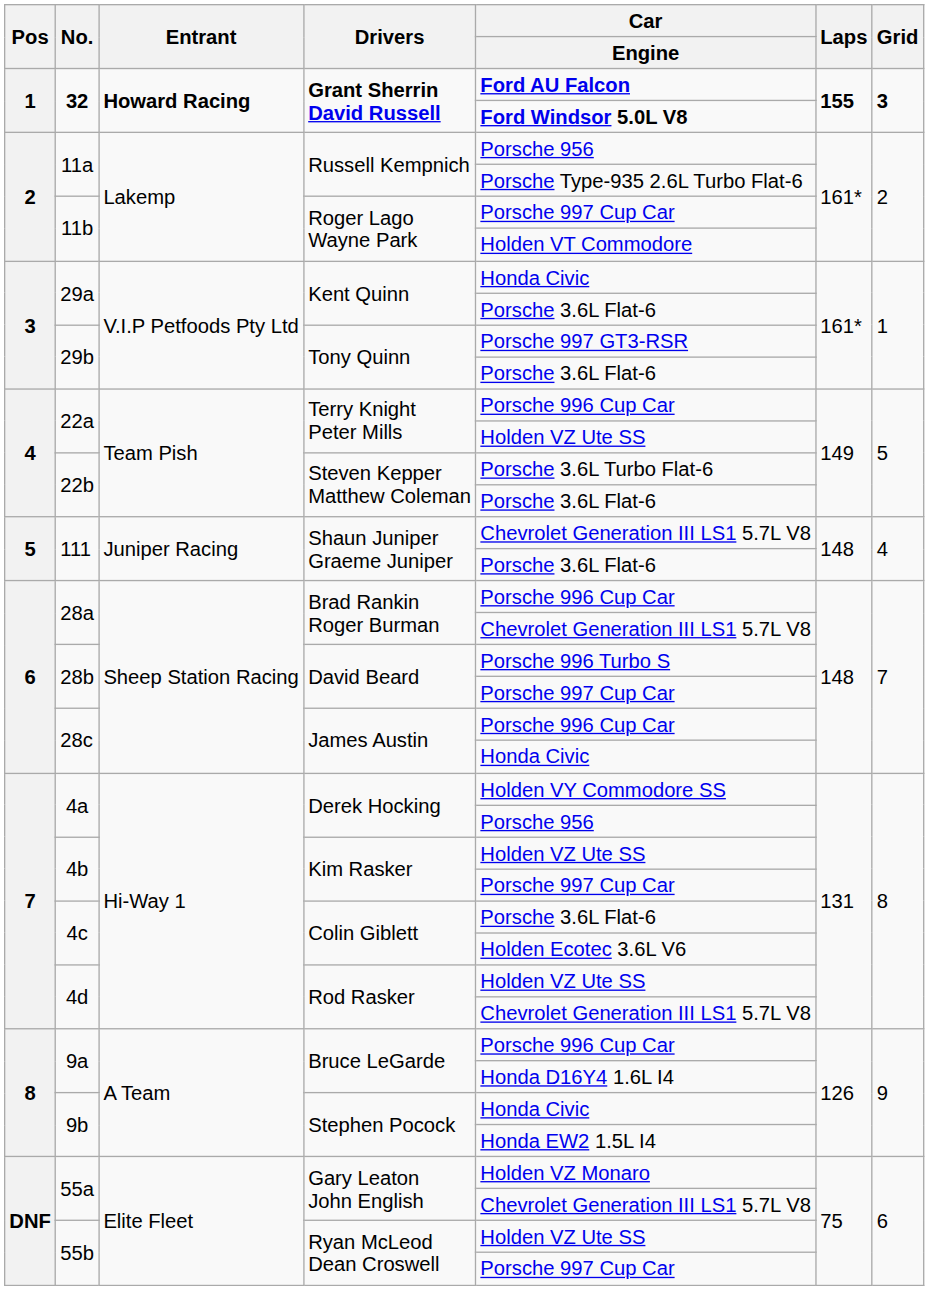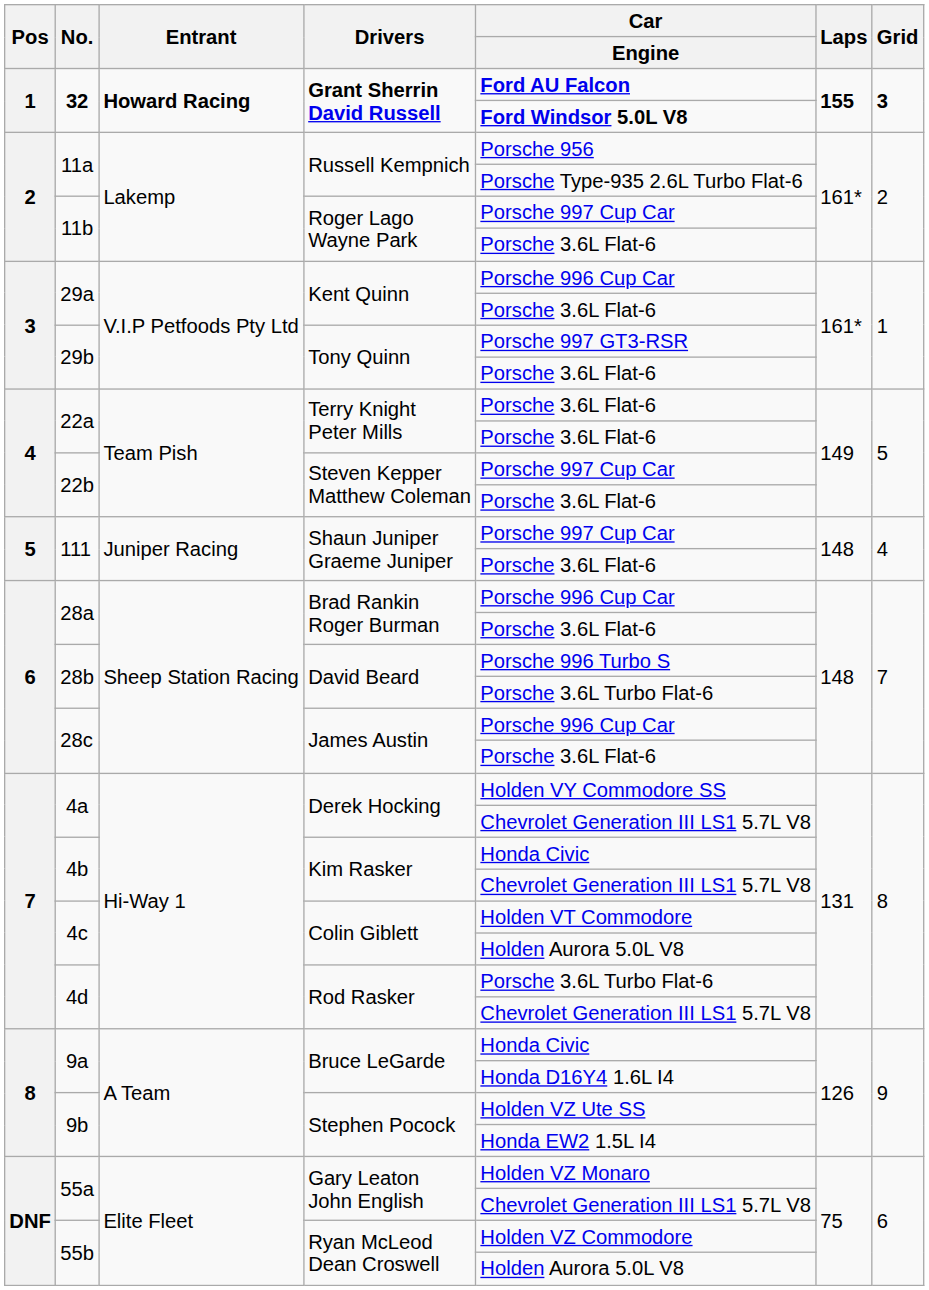 <table class="wikitable" style="font-size: 95%">
 <tr>
 <th rowspan=2>Pos</th>
 <th rowspan=2>No.</th>
 <th rowspan=2>Entrant</th>
 <th rowspan=2>Drivers</th>
 <th>Car</th>
 <th rowspan=2>Laps</th>
 <th rowspan=2>Grid</th>
 </tr>
 <tr>
 <th>Engine</th>
 </tr>
 <tr style="font-weight:bold">
 <th rowspan=2>1</th>
 <td rowspan=2 align="center">32</td>
 <td rowspan=2>Howard Racing</td>
 <td rowspan=2>Grant Sherrin<br><a href='#'>David Russell</a></td>
 <td><a href='#'>Ford AU Falcon</a></td>
 <td rowspan=2>155</td>
 <td rowspan=2>3</td>
 </tr>
 <tr style="font-weight:bold">
 <td><a href='#'>Ford Windsor</a> 5.0L V8</td>
 </tr>
 <tr>
 <th rowspan=4>2</th>
 <td rowspan=2 align="center">11a</td>
 <td rowspan=4>Lakemp</td>
 <td rowspan=2>Russell Kempnich</td>
 <td><a href='#'>Porsche 956</a></td>
 <td rowspan=4>161*</td>
 <td rowspan=4>2</td>
 </tr>
 <tr>
 <td><a href='#'>Porsche</a> Type-935 2.6L Turbo Flat-6</td>
 </tr>
 <tr>
 <td rowspan=2 align="center">11b</td>
 <td rowspan=2>Roger Lago<br>Wayne Park</td>
 <td><a href='#'>Porsche 997 Cup Car</a></td>
 </tr>
 <tr>
-<td><a href='#'>Holden VT Commodore</a></td>
+<td><a href='#'>Porsche</a> 3.6L Flat-6</td>
 </tr>
 <tr>
 <th rowspan=4>3</th>
 <td rowspan=2 align="center">29a</td>
 <td rowspan=4>V.I.P Petfoods Pty Ltd</td>
 <td rowspan=2>Kent Quinn</td>
-<td><a href='#'>Honda Civic</a></td>
+<td><a href='#'>Porsche 996 Cup Car</a></td>
 <td rowspan=4>161*</td>
 <td rowspan=4>1</td>
 </tr>
 <tr>
 <td><a href='#'>Porsche</a> 3.6L Flat-6</td>
 </tr>
 <tr>
 <td rowspan=2 align="center">29b</td>
 <td rowspan=2>Tony Quinn</td>
 <td><a href='#'>Porsche 997 GT3-RSR</a></td>
 </tr>
 <tr>
 <td><a href='#'>Porsche</a> 3.6L Flat-6</td>
 </tr>
 <tr>
 <th rowspan=4>4</th>
 <td rowspan=2 align="center">22a</td>
 <td rowspan=4>Team Pish</td>
 <td rowspan=2>Terry Knight<br>Peter Mills</td>
-<td><a href='#'>Porsche 996 Cup Car</a></td>
+<td><a href='#'>Porsche</a> 3.6L Flat-6</td>
 <td rowspan=4>149</td>
 <td rowspan=4>5</td>
 </tr>
 <tr>
-<td><a href='#'>Holden VZ Ute SS</a></td>
+<td><a href='#'>Porsche</a> 3.6L Flat-6</td>
 </tr>
 <tr>
 <td rowspan=2 align="center">22b</td>
 <td rowspan=2>Steven Kepper<br>Matthew Coleman</td>
-<td><a href='#'>Porsche</a> 3.6L Turbo Flat-6</td>
+<td><a href='#'>Porsche 997 Cup Car</a></td>
 </tr>
 <tr>
 <td><a href='#'>Porsche</a> 3.6L Flat-6</td>
 </tr>
 <tr>
 <th rowspan=2>5</th>
 <td rowspan=2>111</td>
 <td rowspan=2>Juniper Racing</td>
 <td rowspan=2>Shaun Juniper<br>Graeme Juniper</td>
-<td><a href='#'>Chevrolet Generation III LS1</a> 5.7L V8</td>
+<td><a href='#'>Porsche 997 Cup Car</a></td>
 <td rowspan=2>148</td>
 <td rowspan=2>4</td>
 </tr>
 <tr>
 <td><a href='#'>Porsche</a> 3.6L Flat-6</td>
 </tr>
 <tr>
 <th rowspan=6>6</th>
 <td rowspan=2>28a</td>
 <td rowspan=6>Sheep Station Racing</td>
 <td rowspan=2>Brad Rankin<br>Roger Burman</td>
 <td><a href='#'>Porsche 996 Cup Car</a></td>
 <td rowspan=6>148</td>
 <td rowspan=6>7</td>
 </tr>
 <tr>
-<td><a href='#'>Chevrolet Generation III LS1</a> 5.7L V8</td>
+<td><a href='#'>Porsche</a> 3.6L Flat-6</td>
 </tr>
 <tr>
 <td rowspan=2>28b</td>
 <td rowspan=2>David Beard</td>
 <td><a href='#'>Porsche 996 Turbo S</a></td>
 </tr>
 <tr>
-<td><a href='#'>Porsche 997 Cup Car</a></td>
+<td><a href='#'>Porsche</a> 3.6L Turbo Flat-6</td>
 </tr>
 <tr>
 <td rowspan=2>28c</td>
 <td rowspan=2>James Austin</td>
 <td><a href='#'>Porsche 996 Cup Car</a></td>
 </tr>
 <tr>
-<td><a href='#'>Honda Civic</a></td>
+<td><a href='#'>Porsche</a> 3.6L Flat-6</td>
 </tr>
 <tr>
 <th rowspan=8>7</th>
 <td rowspan=2 align="center">4a</td>
 <td rowspan=8>Hi-Way 1</td>
 <td rowspan=2>Derek Hocking</td>
 <td><a href='#'>Holden VY Commodore SS</a></td>
 <td rowspan=8>131</td>
 <td rowspan=8>8</td>
 </tr>
 <tr>
-<td><a href='#'>Porsche 956</a></td>
+<td><a href='#'>Chevrolet Generation III LS1</a> 5.7L V8</td>
 </tr>
 <tr>
 <td rowspan=2 align="center">4b</td>
 <td rowspan=2>Kim Rasker</td>
-<td><a href='#'>Holden VZ Ute SS</a></td>
+<td><a href='#'>Honda Civic</a></td>
 </tr>
 <tr>
-<td><a href='#'>Porsche 997 Cup Car</a></td>
+<td><a href='#'>Chevrolet Generation III LS1</a> 5.7L V8</td>
 </tr>
 <tr>
 <td rowspan=2 align="center">4c</td>
 <td rowspan=2>Colin Giblett</td>
-<td><a href='#'>Porsche</a> 3.6L Flat-6</td>
+<td><a href='#'>Holden VT Commodore</a></td>
 </tr>
 <tr>
-<td><a href='#'>Holden Ecotec</a> 3.6L V6</td>
+<td><a href='#'>Holden</a> Aurora 5.0L V8</td>
 </tr>
 <tr>
 <td rowspan=2 align="center">4d</td>
 <td rowspan=2>Rod Rasker</td>
-<td><a href='#'>Holden VZ Ute SS</a></td>
+<td><a href='#'>Porsche</a> 3.6L Turbo Flat-6</td>
 </tr>
 <tr>
 <td><a href='#'>Chevrolet Generation III LS1</a> 5.7L V8</td>
 </tr>
 <tr>
 <th rowspan=4>8</th>
 <td rowspan=2 align="center">9a</td>
 <td rowspan=4>A Team</td>
 <td rowspan=2>Bruce LeGarde</td>
-<td><a href='#'>Porsche 996 Cup Car</a></td>
+<td><a href='#'>Honda Civic</a></td>
 <td rowspan=4>126</td>
 <td rowspan=4>9</td>
 </tr>
 <tr>
 <td><a href='#'>Honda D16Y4</a> 1.6L I4</td>
 </tr>
 <tr>
 <td rowspan=2 align="center">9b</td>
 <td rowspan=2>Stephen Pocock</td>
-<td><a href='#'>Honda Civic</a></td>
+<td><a href='#'>Holden VZ Ute SS</a></td>
 </tr>
 <tr>
 <td><a href='#'>Honda EW2</a> 1.5L I4</td>
 </tr>
 <tr>
 <th rowspan=4>DNF</th>
 <td rowspan=2 align="center">55a</td>
 <td rowspan=4>Elite Fleet</td>
 <td rowspan=2>Gary Leaton<br>John English</td>
 <td><a href='#'>Holden VZ Monaro</a></td>
 <td rowspan=4>75</td>
 <td rowspan=4>6</td>
 </tr>
 <tr>
 <td><a href='#'>Chevrolet Generation III LS1</a> 5.7L V8</td>
 </tr>
 <tr>
 <td rowspan=2 align="center">55b</td>
 <td rowspan=2>Ryan McLeod<br>Dean Croswell</td>
-<td><a href='#'>Holden VZ Ute SS</a></td>
+<td><a href='#'>Holden VZ Commodore</a></td>
 </tr>
 <tr>
-<td><a href='#'>Porsche 997 Cup Car</a></td>
+<td><a href='#'>Holden</a> Aurora 5.0L V8</td>
 </tr>
 </table>
